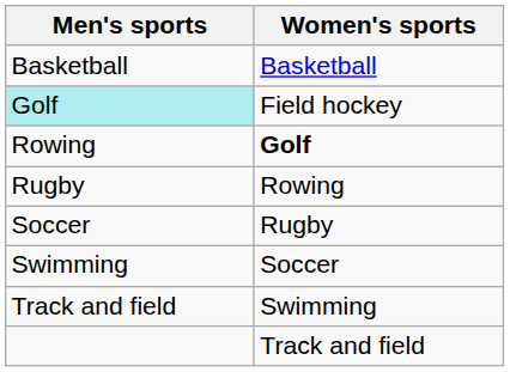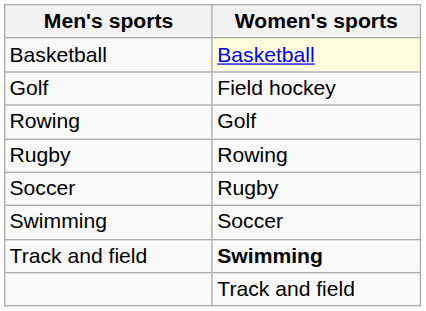 <table class="wikitable"; style= "text-align: ">
 <tr>
 <th width=150px>Men's sports</th>
 <th width=150px>Women's sports</th>
 </tr>
 <tr>
 <td>Basketball</td>
-<td><a href='#'>Basketball</a></td>
+<td style="background: lightyellow;"><a href='#'>Basketball</a></td>
 </tr>
 <tr>
-<td style="background: paleturquoise;">Golf</td>
+<td>Golf</td>
 <td>Field hockey</td>
 </tr>
 <tr>
 <td>Rowing</td>
-<td><strong>Golf</strong></td>
+<td>Golf</td>
 </tr>
 <tr>
 <td>Rugby</td>
 <td>Rowing</td>
 </tr>
 <tr>
 <td>Soccer</td>
 <td>Rugby</td>
 </tr>
 <tr>
 <td>Swimming</td>
 <td>Soccer</td>
 </tr>
 <tr>
 <td>Track and field</td>
-<td>Swimming</td>
+<td><strong>Swimming</strong></td>
 </tr>
 <tr>
 <td></td>
 <td>Track and field</td>
 </tr>
 </table>
